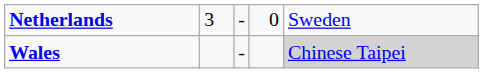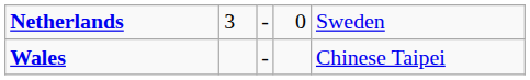 <table class="wikitable">
 <tr>
 <td width=150> <strong><a href='#'>Netherlands</a></strong></td>
 <td style="width:20px; text-align:left;">3</td>
 <td>-</td>
 <td style="width:20px; text-align:right;">0</td>
 <td width=150> <a href='#'>Sweden</a></td>
 </tr>
 <tr>
 <td> <strong><a href='#'>Wales</a></strong></td>
 <td style="text-align:left;"></td>
 <td>-</td>
 <td style="text-align:right;"></td>
-<td style="background: lightgrey;"> <a href='#'>Chinese Taipei</a></td>
+<td> <a href='#'>Chinese Taipei</a></td>
 </tr>
 </table>
